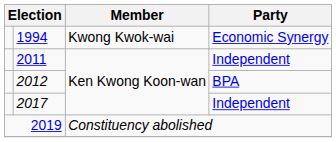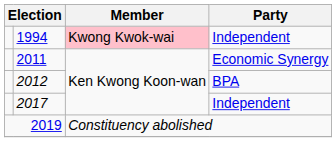 <table class="wikitable">
 <tr>
 <th colspan="2">Election</th>
 <th>Member</th>
 <th>Party</th>
 </tr>
 <tr>
 <td style="background-color: "></td>
 <td><a href='#'>1994</a></td>
-<td>Kwong Kwok-wai</td>
-<td><a href='#'>Economic Synergy</a></td>
+<td style="background: pink;">Kwong Kwok-wai</td>
+<td><a href='#'>Independent</a></td>
 </tr>
 <tr>
 <td style="background-color: "></td>
 <td><a href='#'>2011</a></td>
 <td rowspan=3>Ken Kwong Koon-wan</td>
-<td><a href='#'>Independent</a></td>
+<td><a href='#'>Economic Synergy</a></td>
 </tr>
 <tr>
 <td style="background-color: "></td>
 <td><em>2012</em></td>
 <td><a href='#'>BPA</a></td>
 </tr>
 <tr>
 <td style="background-color: "></td>
 <td><em>2017</em></td>
 <td><a href='#'>Independent</a></td>
 </tr>
 <tr>
 <td colspan=2 align=right><a href='#'>2019</a></td>
 <td colspan=2><em>Constituency abolished</em></td>
 </tr>
 <tr>
 </tr>
 </table>
